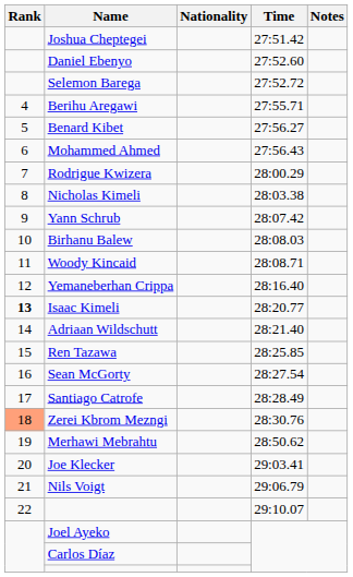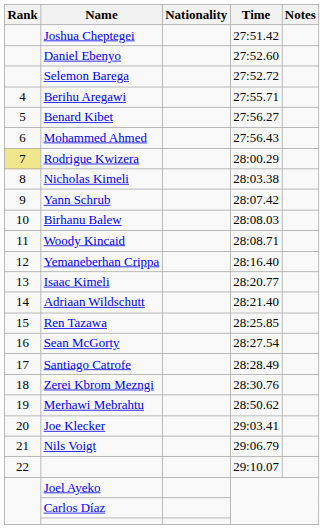 <table class="wikitable sortable" style="text-align:center">
 <tr>
 <th>Rank</th>
 <th>Name</th>
 <th>Nationality</th>
 <th>Time</th>
 <th>Notes</th>
 </tr>
 <tr>
 <td></td>
 <td align=left><a href='#'>Joshua Cheptegei</a></td>
 <td align=left></td>
 <td>27:51.42</td>
 <td></td>
 </tr>
 <tr>
 <td></td>
 <td align=left><a href='#'>Daniel Ebenyo</a></td>
 <td align=left></td>
 <td>27:52.60</td>
 <td></td>
 </tr>
 <tr>
 <td></td>
 <td align=left><a href='#'>Selemon Barega</a></td>
 <td align=left></td>
 <td>27:52.72</td>
 <td></td>
 </tr>
 <tr>
 <td>4</td>
 <td align=left><a href='#'>Berihu Aregawi</a></td>
 <td align=left></td>
 <td>27:55.71</td>
 <td></td>
 </tr>
 <tr>
 <td>5</td>
 <td align=left><a href='#'>Benard Kibet</a></td>
 <td align=left></td>
 <td>27:56.27</td>
 <td></td>
 </tr>
 <tr>
 <td>6</td>
 <td align=left><a href='#'>Mohammed Ahmed</a></td>
 <td align=left></td>
 <td>27:56.43</td>
 <td></td>
 </tr>
 <tr>
-<td>7</td>
+<td style="background: khaki;">7</td>
 <td align=left><a href='#'>Rodrigue Kwizera</a></td>
 <td align=left></td>
 <td>28:00.29</td>
 <td></td>
 </tr>
 <tr>
 <td>8</td>
 <td align=left><a href='#'>Nicholas Kimeli</a></td>
 <td align=left></td>
 <td>28:03.38</td>
 <td></td>
 </tr>
 <tr>
 <td>9</td>
 <td align=left><a href='#'>Yann Schrub</a></td>
 <td align=left></td>
 <td>28:07.42</td>
 <td></td>
 </tr>
 <tr>
 <td>10</td>
 <td align=left><a href='#'>Birhanu Balew</a></td>
 <td align=left></td>
 <td>28:08.03</td>
 <td></td>
 </tr>
 <tr>
 <td>11</td>
 <td align=left><a href='#'>Woody Kincaid</a></td>
 <td align=left></td>
 <td>28:08.71</td>
 <td></td>
 </tr>
 <tr>
 <td>12</td>
 <td align=left><a href='#'>Yemaneberhan Crippa</a></td>
 <td align=left></td>
 <td>28:16.40</td>
 <td></td>
 </tr>
 <tr>
-<td><strong>13</strong></td>
+<td>13</td>
 <td align=left><a href='#'>Isaac Kimeli</a></td>
 <td align=left></td>
 <td>28:20.77</td>
 <td></td>
 </tr>
 <tr>
 <td>14</td>
 <td align=left><a href='#'>Adriaan Wildschutt</a></td>
 <td align=left></td>
 <td>28:21.40</td>
 <td></td>
 </tr>
 <tr>
 <td>15</td>
 <td align=left><a href='#'>Ren Tazawa</a></td>
 <td align=left></td>
 <td>28:25.85</td>
 <td></td>
 </tr>
 <tr>
 <td>16</td>
 <td align=left><a href='#'>Sean McGorty</a></td>
 <td align=left></td>
 <td>28:27.54</td>
 <td></td>
 </tr>
 <tr>
 <td>17</td>
 <td align=left><a href='#'>Santiago Catrofe</a></td>
 <td align=left></td>
 <td>28:28.49</td>
 <td></td>
 </tr>
 <tr>
-<td style="background: lightsalmon;">18</td>
+<td>18</td>
 <td align=left><a href='#'>Zerei Kbrom Mezngi</a></td>
 <td align=left></td>
 <td>28:30.76</td>
 <td></td>
 </tr>
 <tr>
 <td>19</td>
 <td align=left><a href='#'>Merhawi Mebrahtu</a></td>
 <td align=left></td>
 <td>28:50.62</td>
 <td></td>
 </tr>
 <tr>
 <td>20</td>
 <td align=left><a href='#'>Joe Klecker</a></td>
 <td align=left></td>
 <td>29:03.41</td>
 <td></td>
 </tr>
 <tr>
 <td>21</td>
 <td align=left><a href='#'>Nils Voigt</a></td>
 <td align=left></td>
 <td>29:06.79</td>
 <td></td>
 </tr>
 <tr>
 <td>22</td>
 <td align=left></td>
 <td align=left></td>
 <td>29:10.07</td>
 <td></td>
 </tr>
 <tr>
 <td rowspan=3></td>
 <td align=left><a href='#'>Joel Ayeko</a></td>
 <td align=left></td>
 <td colspan=2 rowspan=3></td>
 </tr>
 <tr>
 <td align=left><a href='#'>Carlos Díaz</a></td>
 <td align=left></td>
 </tr>
 <tr>
 <td align=left></td>
 <td align=left></td>
 </tr>
 </table>
